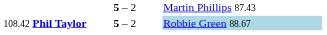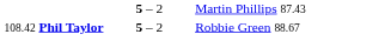 <table style="text-align:center">
 <tr>
 <th width=223></th>
 <th width=100></th>
 <th width=223></th>
 </tr>
 <tr>
 <td align=right></td>
 <td><strong>5</strong> – 2</td>
 <td align=left> <a href='#'>Martin Phillips</a> <small><span>87.43</span></small></td>
 </tr>
 <tr>
 <td align=right><small><span>108.42</span></small> <strong><a href='#'>Phil Taylor</a></strong> </td>
 <td><strong>5</strong> – 2</td>
-<td align=left style="background: lightblue;"> <a href='#'>Robbie Green</a> <small><span>88.67</span></small></td>
+<td align=left> <a href='#'>Robbie Green</a> <small><span>88.67</span></small></td>
 </tr>
 </table>
